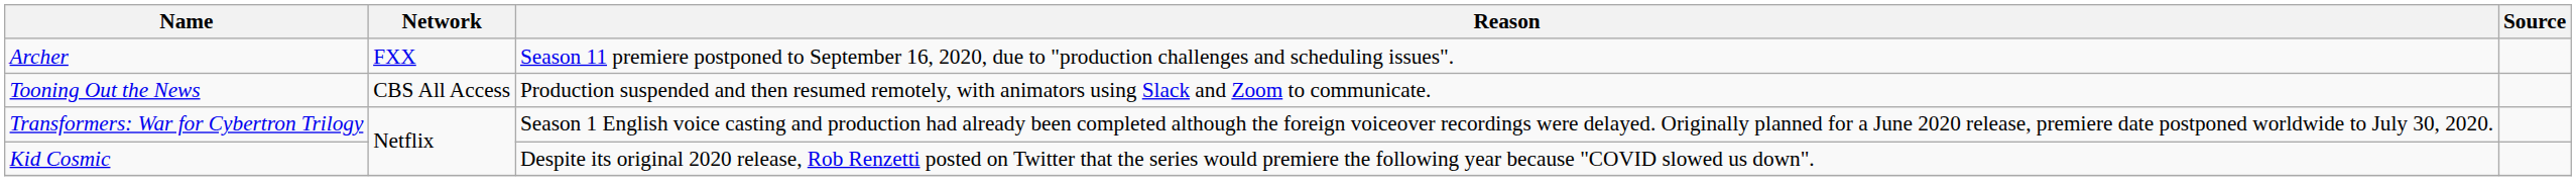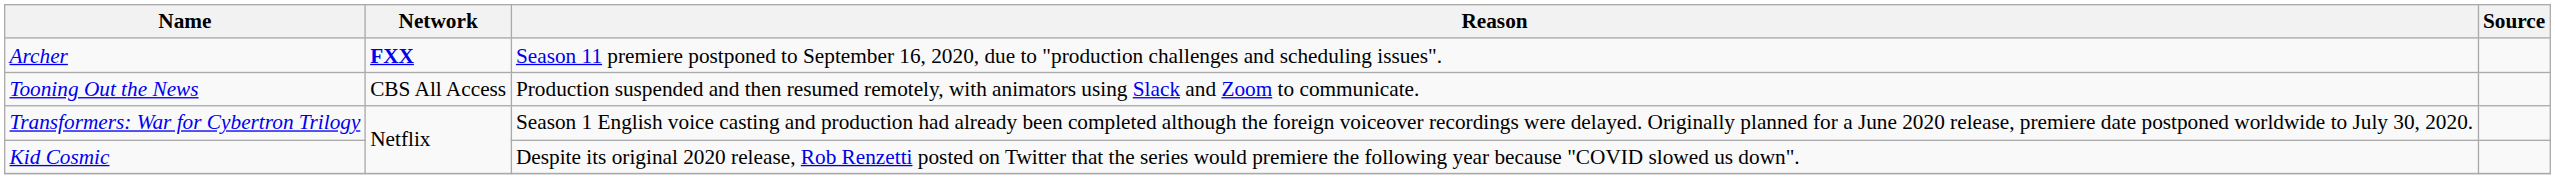 <table class="wikitable sortable">
 <tr>
 <th>Name</th>
 <th>Network</th>
 <th>Reason</th>
 <th>Source</th>
 </tr>
 <tr>
 <td><em><a href='#'>Archer</a></em></td>
-<td><a href='#'>FXX</a></td>
+<td><strong><a href='#'>FXX</a></strong></td>
 <td><a href='#'>Season 11</a> premiere postponed to September 16, 2020, due to "production challenges and scheduling issues".</td>
 <td></td>
 </tr>
 <tr>
 <td><em><a href='#'>Tooning Out the News</a></em></td>
 <td>CBS All Access</td>
 <td>Production suspended and then resumed remotely, with animators using <a href='#'>Slack</a> and <a href='#'>Zoom</a> to communicate.</td>
 <td></td>
 </tr>
 <tr>
 <td><em><a href='#'>Transformers: War for Cybertron Trilogy</a></em></td>
 <td rowspan=2>Netflix</td>
 <td>Season 1 English voice casting and production had already been completed although the foreign voiceover recordings were delayed. Originally planned for a June 2020 release, premiere date postponed worldwide to July 30, 2020.</td>
 <td></td>
 </tr>
 <tr>
 <td><em><a href='#'>Kid Cosmic</a></em></td>
 <td>Despite its original 2020 release, <a href='#'>Rob Renzetti</a> posted on Twitter that the series would premiere the following year because "COVID slowed us down".</td>
 <td></td>
 </tr>
 <tr>
 </tr>
 </table>
